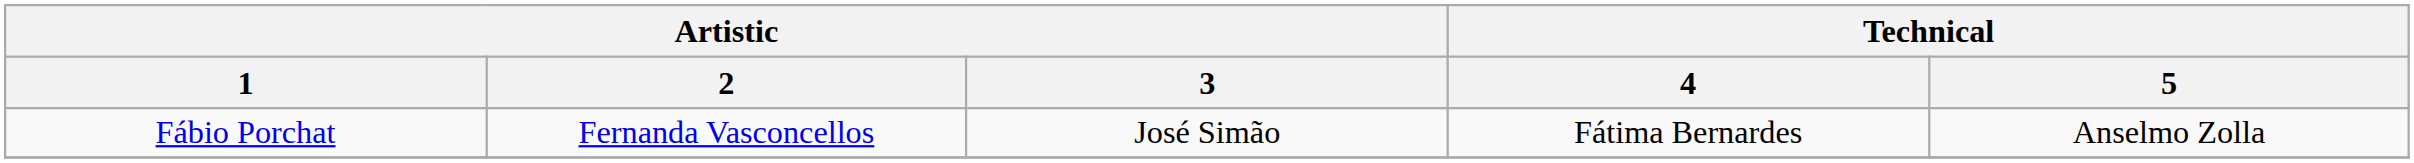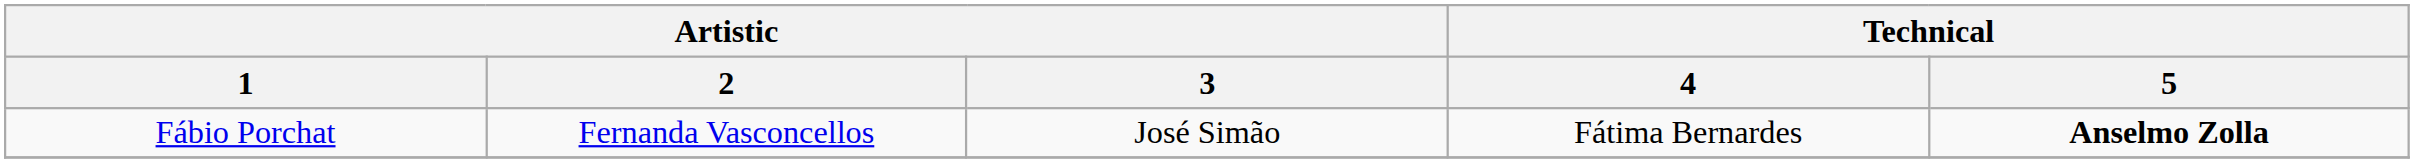 <table class="wikitable" style="font-size:90%; line-height:16px; text-align:center" width="85%">
 <tr>
 <th colspan=3>Artistic</th>
 <th colspan=2>Technical</th>
 </tr>
 <tr>
 <th>1</th>
 <th>2</th>
 <th>3</th>
 <th>4</th>
 <th>5</th>
 </tr>
 <tr>
 <td width=150><a href='#'>Fábio Porchat</a></td>
 <td width=150><a href='#'>Fernanda Vasconcellos</a></td>
 <td width=150>José Simão</td>
 <td width=150>Fátima Bernardes</td>
-<td width=150>Anselmo Zolla</td>
+<td width=150><strong>Anselmo Zolla</strong></td>
 </tr>
 <tr>
 </tr>
 </table>
